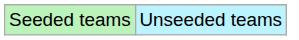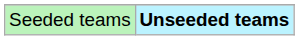 <table class="wikitable" style="font-size:90%; text-align:center;">
 <tr>
 </tr>
 <tr>
 <td style="background:#BBF3BB;">Seeded teams</td>
-<td style="background:#BBF3FF;">Unseeded teams</td>
+<td style="background:#BBF3FF;"><strong>Unseeded teams</strong></td>
 </tr>
 </table>
